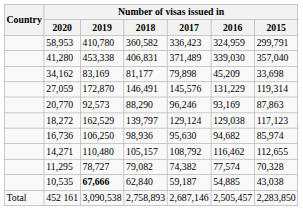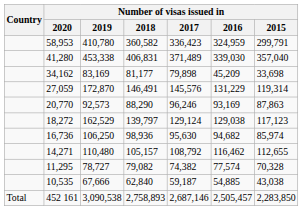 <table class="wikitable sortable">
 <tr>
 <th rowspan=2>Country</th>
 <th colspan=6>Number of visas issued in</th>
 </tr>
 <tr>
 <th>2020</th>
 <th>2019</th>
 <th>2018</th>
 <th>2017</th>
 <th>2016</th>
 <th>2015</th>
 </tr>
 <tr>
 <td></td>
 <td>58,953</td>
 <td>410,780</td>
 <td>360,582</td>
 <td>336,423</td>
 <td>324,959</td>
 <td>299,791</td>
 </tr>
 <tr>
 <td></td>
 <td>41,280</td>
 <td>453,338</td>
 <td>406,831</td>
 <td>371,489</td>
 <td>339,030</td>
 <td>357,040</td>
 </tr>
 <tr>
 <td></td>
 <td>34,162</td>
 <td>83,169</td>
 <td>81,177</td>
 <td>79,898</td>
 <td>45,209</td>
 <td>33,698</td>
 </tr>
 <tr>
 <td></td>
 <td>27,059</td>
 <td>172,870</td>
 <td>146,491</td>
 <td>145,576</td>
 <td>131,229</td>
 <td>119,314</td>
 </tr>
 <tr>
 <td></td>
 <td>20,770</td>
 <td>92,573</td>
 <td>88,290</td>
 <td>96,246</td>
 <td>93,169</td>
 <td>87,863</td>
 </tr>
 <tr>
 <td></td>
 <td>18,272</td>
 <td>162,529</td>
 <td>139,797</td>
 <td>129,124</td>
 <td>129,038</td>
 <td>117,123</td>
 </tr>
 <tr>
 <td></td>
 <td>16,736</td>
 <td>106,250</td>
 <td>98,936</td>
 <td>95,630</td>
 <td>94,682</td>
 <td>85,974</td>
 </tr>
 <tr>
 <td></td>
 <td>14,271</td>
 <td>110,480</td>
 <td>105,157</td>
 <td>108,792</td>
 <td>116,462</td>
 <td>112,655</td>
 </tr>
 <tr>
 <td></td>
 <td>11,295</td>
 <td>78,727</td>
 <td>79,082</td>
 <td>74,382</td>
 <td>77,574</td>
 <td>70,328</td>
 </tr>
 <tr>
 <td></td>
 <td>10,535</td>
-<td><strong>67,666</strong></td>
+<td>67,666</td>
 <td>62,840</td>
 <td>59,187</td>
 <td>54,885</td>
 <td>43,038<br></td>
 </tr>
 <tr>
 <td>Total</td>
 <td>452 161</td>
 <td>3,090,538</td>
 <td>2,758,893</td>
 <td>2,687,146</td>
 <td>2,505,457</td>
 <td>2,283,850</td>
 </tr>
 </table>
